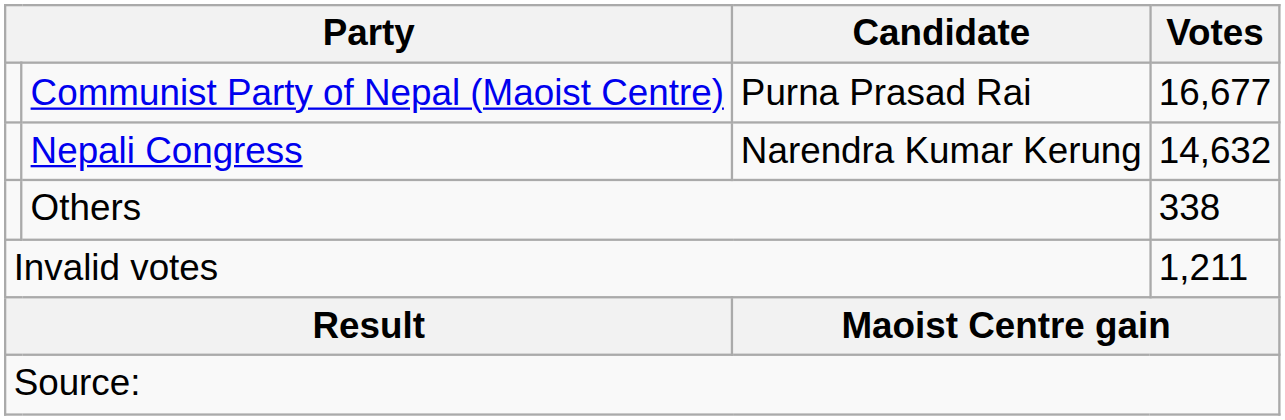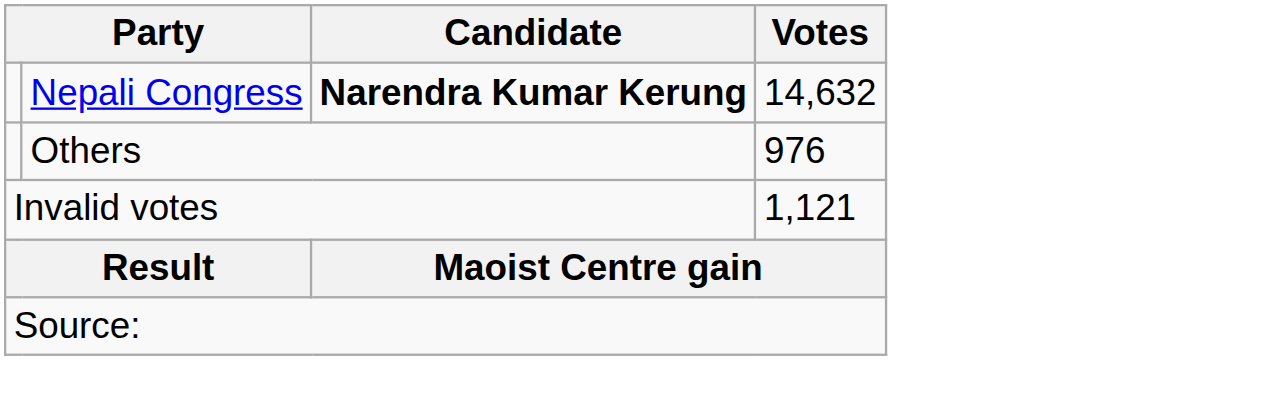 <table class="wikitable">
 <tr>
 <th colspan="2">Party</th>
 <th>Candidate</th>
 <th>Votes</th>
 </tr>
 <tr>
 <td style="background-color:"></td>
-<td><a href='#'>Communist Party of Nepal (Maoist Centre)</a></td>
-<td>Purna Prasad Rai</td>
-<td>16,677</td>
-</tr>
-<tr>
-<td style="background-color:"></td>
 <td><a href='#'>Nepali Congress</a></td>
-<td>Narendra Kumar Kerung</td>
+<td><strong>Narendra Kumar Kerung</strong></td>
 <td>14,632</td>
 </tr>
 <tr>
 <td></td>
 <td colspan="2">Others</td>
-<td>338</td>
+<td>976</td>
 </tr>
 <tr>
 <td colspan="3">Invalid votes</td>
-<td>1,211</td>
+<td>1,121</td>
 </tr>
 <tr>
 <th colspan="2">Result</th>
 <th colspan="2">Maoist Centre gain</th>
 </tr>
 <tr>
 <td colspan="4">Source: </td>
 </tr>
 </table>
